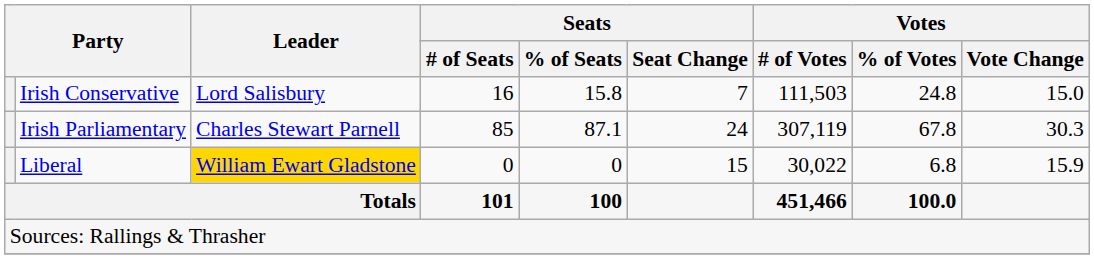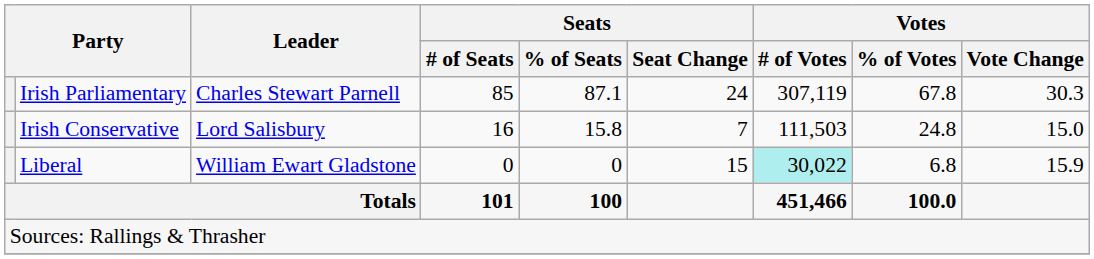 <table class="wikitable" style="font-size: 90%;">
 <tr>
 <th rowspan="2" colspan="2">Party</th>
 <th rowspan="2">Leader</th>
 <th colspan="3">Seats</th>
 <th colspan="3">Votes</th>
 </tr>
 <tr>
 <th># of Seats</th>
 <th>% of Seats</th>
 <th>Seat Change</th>
 <th># of Votes</th>
 <th>% of Votes</th>
 <th>Vote Change</th>
 </tr>
 <tr>
 <th style="background-color: "></th>
+<td><a href='#'>Irish Parliamentary</a></td>
+<td><a href='#'>Charles Stewart Parnell</a></td>
+<td align="right">85</td>
+<td align="right">87.1</td>
+<td align="right">24</td>
+<td align="right">307,119</td>
+<td align="right">67.8</td>
+<td align="right">30.3</td>
+</tr>
+<tr>
+<th style="background-color: "></th>
 <td><a href='#'>Irish Conservative</a></td>
 <td><a href='#'>Lord Salisbury</a></td>
 <td align="right">16</td>
 <td align="right">15.8</td>
 <td align="right">7</td>
 <td align="right">111,503</td>
 <td align="right">24.8</td>
 <td align="right">15.0</td>
 </tr>
 <tr>
 <th style="background-color: "></th>
-<td><a href='#'>Irish Parliamentary</a></td>
-<td><a href='#'>Charles Stewart Parnell</a></td>
-<td align="right">85</td>
-<td align="right">87.1</td>
-<td align="right">24</td>
-<td align="right">307,119</td>
-<td align="right">67.8</td>
-<td align="right">30.3</td>
-</tr>
-<tr>
-<th style="background-color: "></th>
 <td><a href='#'>Liberal</a></td>
-<td style="background: gold;"><a href='#'>William Ewart Gladstone</a></td>
+<td><a href='#'>William Ewart Gladstone</a></td>
 <td align="right">0</td>
 <td align="right">0</td>
 <td align="right">15</td>
-<td align="right">30,022</td>
+<td align="right" style="background: paleturquoise;">30,022</td>
 <td align="right">6.8</td>
 <td align="right">15.9</td>
 </tr>
 <tr style="background-color:#F6F6F6">
 <th colspan="3" style=text-align:right>Totals</th>
 <td align="right"><strong>101</strong></td>
 <td align="right"><strong>100</strong></td>
 <td align="right"></td>
 <td align="right"><strong>451,466</strong></td>
 <td align="right"><strong>100.0</strong></td>
 <td align="right"></td>
 </tr>
 <tr style="background-color:#F6F6F6">
 <td colspan="9" align="left">Sources: Rallings & Thrasher</td>
 </tr>
 <tr>
 </tr>
 </table>
